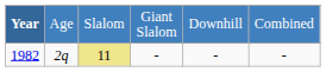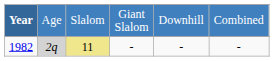 <table class="wikitable" style="font-size:100%; text-align:center; border:grey solid 1px; border-collapse:collapse;" width="40%">
 <tr style="background-color:#369; color:white;">
 <td rowspan="2" colspan="1" width="4%"><strong>Year</strong></td>
 </tr>
 <tr style="background-color:#4180be; color:white;">
 <td width="3%">Age</td>
 <td width="5%">Slalom</td>
 <td width="5%">Giant<br>Slalom</td>
 <td width="5%">Downhill</td>
 <td width="5%">Combined</td>
 </tr>
 <tr style="background-color:#8CB2D8; color:white;">
 </tr>
 <tr>
 <td><a href='#'>1982</a></td>
-<td><em>2q</em></td>
+<td style="background: lightgrey;"><em>2q</em></td>
 <td style="background: khaki;">11</td>
 <td>-</td>
 <td>-</td>
 <td>-</td>
 </tr>
 </table>
